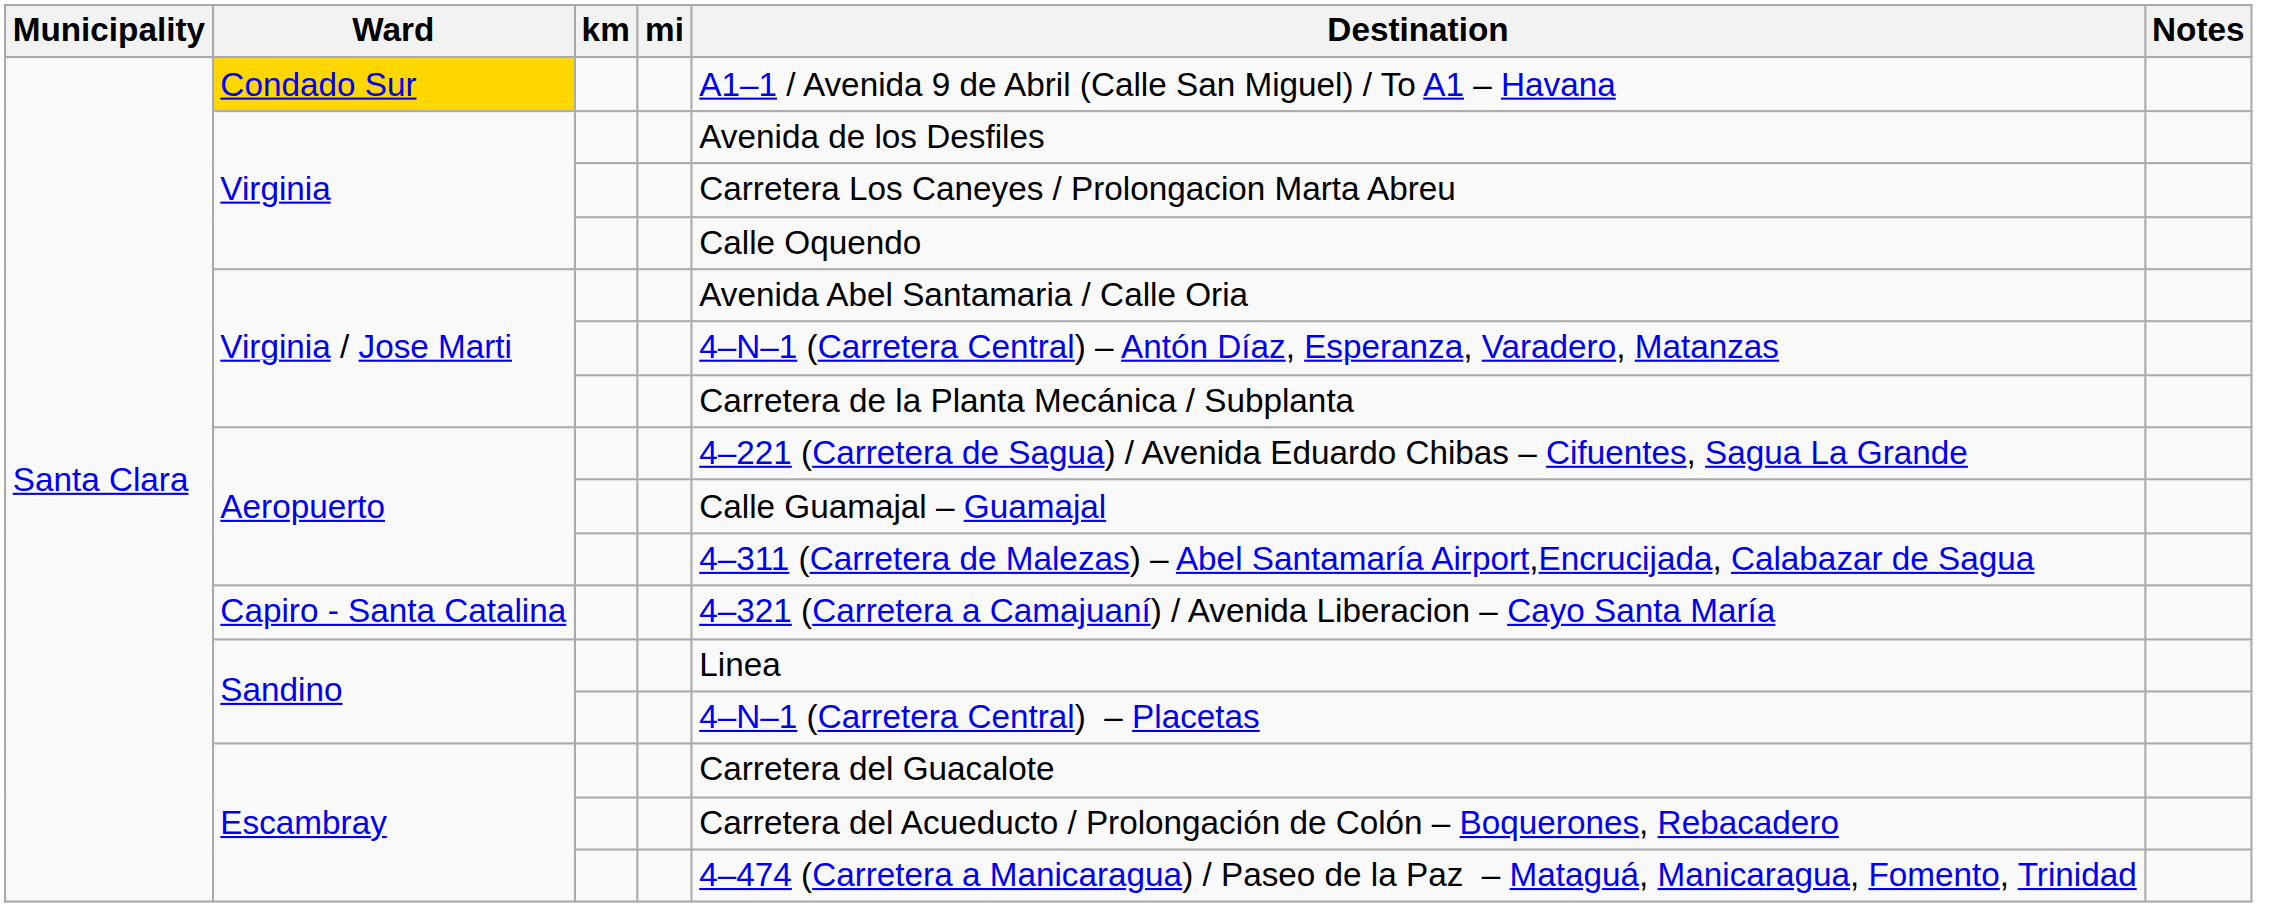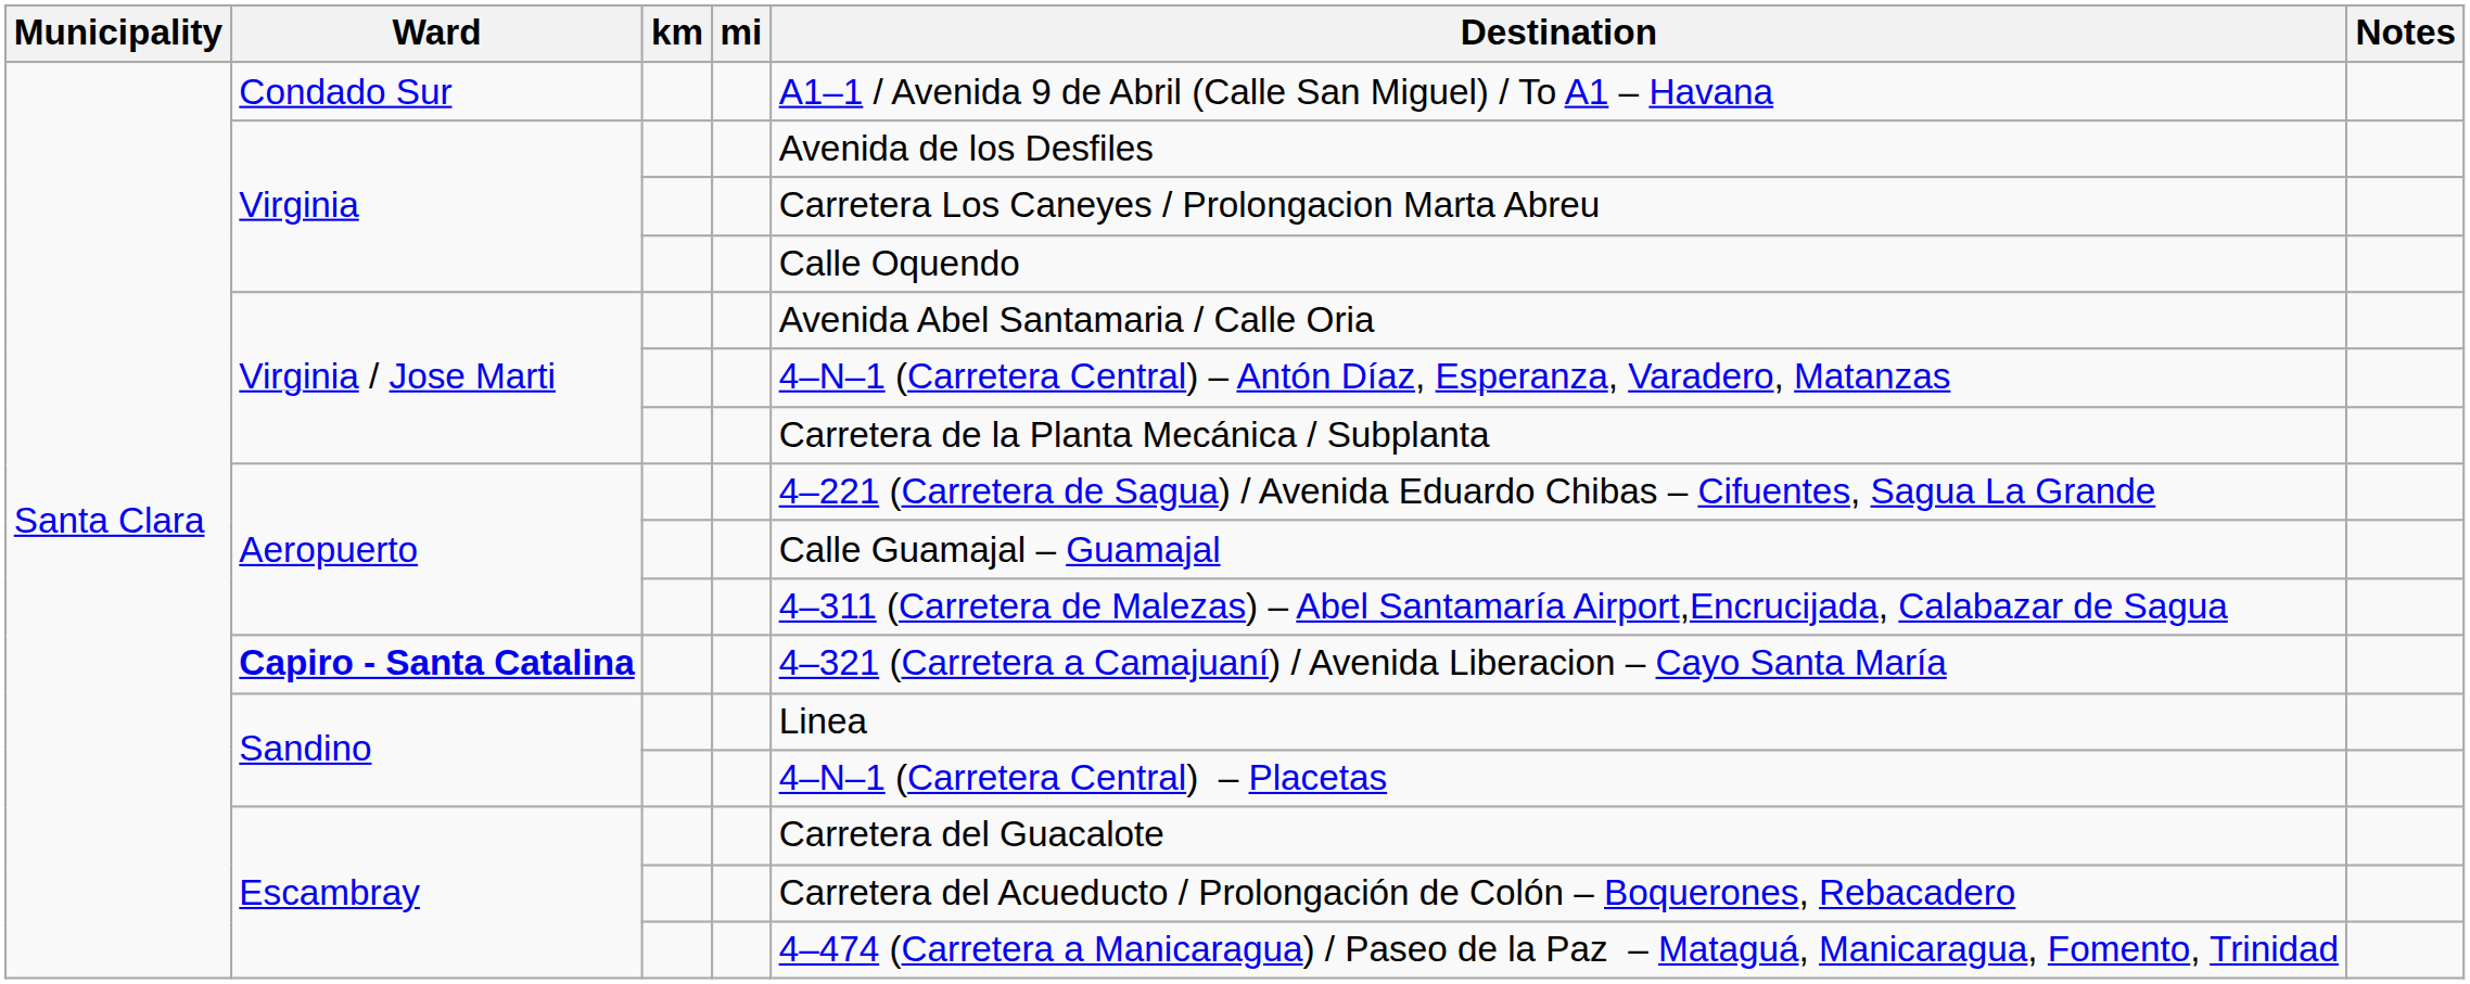 <table class="wikitable">
 <tr>
 <th>Municipality</th>
 <th>Ward</th>
 <th>km</th>
 <th>mi</th>
 <th>Destination</th>
 <th>Notes</th>
 </tr>
 <tr>
 <td rowspan="16"><a href='#'>Santa Clara</a></td>
-<td style="background: gold;"><a href='#'>Condado Sur</a></td>
+<td><a href='#'>Condado Sur</a></td>
 <td></td>
 <td></td>
 <td>  <a href='#'>A1–1</a> / Avenida 9 de Abril (Calle San Miguel) / To <a href='#'>A1</a> – <a href='#'>Havana</a></td>
 <td></td>
 </tr>
 <tr>
 <td rowspan="3"><a href='#'>Virginia</a></td>
 <td></td>
 <td></td>
 <td>Avenida de los Desfiles</td>
 <td></td>
 </tr>
 <tr>
 <td></td>
 <td></td>
 <td>Carretera Los Caneyes / Prolongacion Marta Abreu</td>
 <td></td>
 </tr>
 <tr>
 <td></td>
 <td></td>
 <td>Calle Oquendo</td>
 <td></td>
 </tr>
 <tr>
 <td rowspan="3"><a href='#'>Virginia</a> / <a href='#'>Jose Marti</a></td>
 <td></td>
 <td></td>
 <td>Avenida Abel Santamaria / Calle Oria</td>
 <td></td>
 </tr>
 <tr>
 <td></td>
 <td></td>
 <td> <a href='#'>4–N–1</a> (<a href='#'>Carretera Central</a>) – <a href='#'>Antón Díaz</a>, <a href='#'>Esperanza</a>, <a href='#'>Varadero</a>, <a href='#'>Matanzas</a></td>
 <td></td>
 </tr>
 <tr>
 <td></td>
 <td></td>
 <td><bdi>Carretera de la Planta Mecánica / Subplanta</bdi></td>
 <td></td>
 </tr>
 <tr>
 <td rowspan="3"><a href='#'>Aeropuerto</a></td>
 <td></td>
 <td></td>
 <td><a href='#'>4–221</a> (<a href='#'>Carretera de Sagua</a>) / Avenida Eduardo Chibas – <a href='#'>Cifuentes</a>, <a href='#'>Sagua La Grande</a></td>
 <td></td>
 </tr>
 <tr>
 <td></td>
 <td></td>
 <td>Calle Guamajal – <a href='#'>Guamajal</a></td>
 <td></td>
 </tr>
 <tr>
 <td></td>
 <td></td>
 <td> <a href='#'>4–311</a> (<a href='#'>Carretera de Malezas</a>) – <a href='#'>Abel Santamaría Airport</a>,<a href='#'>Encrucijada</a>, <a href='#'>Calabazar de Sagua</a></td>
 <td></td>
 </tr>
 <tr>
-<td><a href='#'>Capiro - Santa Catalina</a></td>
+<td><strong><a href='#'>Capiro - Santa Catalina</a></strong></td>
 <td></td>
 <td></td>
 <td> <a href='#'>4–321</a> (<a href='#'>Carretera a Camajuaní</a>) / Avenida Liberacion – <a href='#'>Cayo Santa María</a></td>
 <td></td>
 </tr>
 <tr>
 <td rowspan="2"><a href='#'>Sandino</a></td>
 <td></td>
 <td></td>
 <td>Linea</td>
 <td></td>
 </tr>
 <tr>
 <td></td>
 <td></td>
 <td> <a href='#'>4–N–1</a> (<a href='#'>Carretera Central</a>)  – <a href='#'>Placetas</a></td>
 <td></td>
 </tr>
 <tr>
 <td rowspan="3"><a href='#'>Escambray</a></td>
 <td></td>
 <td></td>
 <td><bdi>Carretera del Guacalote</bdi></td>
 <td></td>
 </tr>
 <tr>
 <td></td>
 <td></td>
 <td><bdi>Carretera del Acueducto / Prolongación de Colón – <a href='#'>Boquerones</a>, <a href='#'>Rebacadero</a></bdi></td>
 <td></td>
 </tr>
 <tr>
 <td></td>
 <td></td>
 <td> <a href='#'>4–474</a> (<a href='#'>Carretera a Manicaragua</a>) / Paseo de la Paz  – <a href='#'>Mataguá</a>, <a href='#'>Manicaragua</a>, <a href='#'>Fomento</a>, <a href='#'>Trinidad</a></td>
 <td></td>
 </tr>
 </table>
